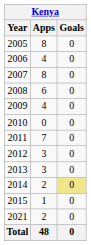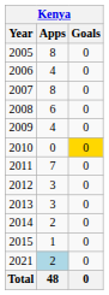 <table class="wikitable" style="text-align:center">
 <tr>
 <th colspan=3><a href='#'>Kenya</a></th>
 </tr>
 <tr>
 <th>Year</th>
 <th>Apps</th>
 <th>Goals</th>
 </tr>
 <tr>
 <td>2005</td>
 <td>8</td>
 <td>0</td>
 </tr>
 <tr>
 <td>2006</td>
 <td>4</td>
 <td>0</td>
 </tr>
 <tr>
 <td>2007</td>
 <td>8</td>
 <td>0</td>
 </tr>
 <tr>
 <td>2008</td>
 <td>6</td>
 <td>0</td>
 </tr>
 <tr>
 <td>2009</td>
 <td>4</td>
 <td>0</td>
 </tr>
 <tr>
 <td>2010</td>
 <td>0</td>
-<td>0</td>
+<td style="background: gold;">0</td>
 </tr>
 <tr>
 <td>2011</td>
 <td>7</td>
 <td>0</td>
 </tr>
 <tr>
 <td>2012</td>
 <td>3</td>
 <td>0</td>
 </tr>
 <tr>
 <td>2013</td>
 <td>3</td>
 <td>0</td>
 </tr>
 <tr>
 <td>2014</td>
 <td>2</td>
-<td style="background: khaki;">0</td>
+<td>0</td>
 </tr>
 <tr>
 <td>2015</td>
 <td>1</td>
 <td>0</td>
 </tr>
 <tr>
 <td>2021</td>
-<td>2</td>
+<td style="background: lightblue;">2</td>
 <td>0</td>
 </tr>
 <tr>
 <th>Total</th>
 <th>48</th>
 <th>0</th>
 </tr>
 </table>
